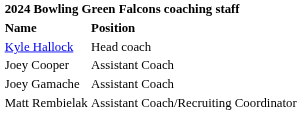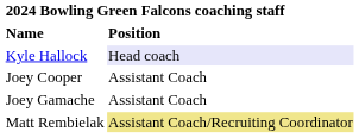 <table class="toccolours" style="text-align: left; font-size:90%;">
 <tr>
 <th colspan="9">2024 Bowling Green Falcons coaching staff</th>
 </tr>
 <tr>
 <th>Name</th>
 <th>Position</th>
 </tr>
 <tr>
 <td><a href='#'>Kyle Hallock</a></td>
-<td>Head coach</td>
+<td style="background: lavender;">Head coach</td>
 </tr>
 <tr>
 <td>Joey Cooper</td>
 <td>Assistant Coach</td>
 </tr>
 <tr>
 <td>Joey Gamache</td>
 <td>Assistant Coach</td>
 </tr>
 <tr>
 <td>Matt Rembielak</td>
-<td>Assistant Coach/Recruiting Coordinator</td>
+<td style="background: khaki;">Assistant Coach/Recruiting Coordinator</td>
 </tr>
 </table>
